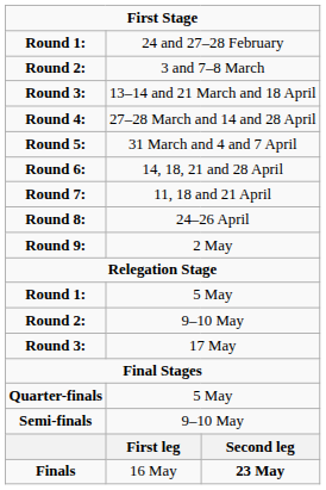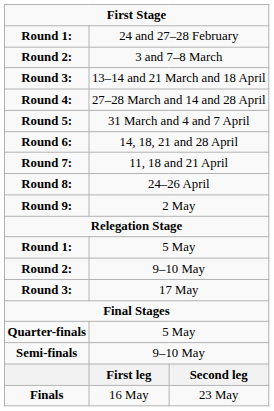 <table class=wikitable style="text-align:center; font-size:90%">
 <tr>
 <td colspan=3><strong>First Stage</strong></td>
 </tr>
 <tr>
 <td><strong>Round 1:</strong></td>
 <td colspan=2>24 and 27–28 February</td>
 </tr>
 <tr>
 <td><strong>Round 2:</strong></td>
 <td colspan=2>3 and 7–8 March</td>
 </tr>
 <tr>
 <td><strong>Round 3:</strong></td>
 <td colspan=2>13–14 and 21 March and 18 April</td>
 </tr>
 <tr>
 <td><strong>Round 4:</strong></td>
 <td colspan=2>27–28 March and 14 and 28 April</td>
 </tr>
 <tr>
 <td><strong>Round 5:</strong></td>
 <td colspan=2>31 March and 4 and 7 April</td>
 </tr>
 <tr>
 <td><strong>Round 6:</strong></td>
 <td colspan=2>14, 18, 21 and 28 April</td>
 </tr>
 <tr>
 <td><strong>Round 7:</strong></td>
 <td colspan=2>11, 18 and 21 April</td>
 </tr>
 <tr>
 <td><strong>Round 8:</strong></td>
 <td colspan=2>24–26 April</td>
 </tr>
 <tr>
 <td><strong>Round 9:</strong></td>
 <td colspan=2>2 May</td>
 </tr>
 <tr>
 <td colspan=3><strong>Relegation Stage</strong></td>
 </tr>
 <tr>
 <td><strong>Round 1:</strong></td>
 <td colspan=2>5 May</td>
 </tr>
 <tr>
 <td><strong>Round 2:</strong></td>
 <td colspan=2>9–10 May</td>
 </tr>
 <tr>
 <td><strong>Round 3:</strong></td>
 <td colspan=2>17 May</td>
 </tr>
 <tr>
 <td colspan=3><strong>Final Stages</strong></td>
 </tr>
 <tr>
 <td><strong>Quarter-finals</strong></td>
 <td colspan=2>5 May</td>
 </tr>
 <tr>
 <td><strong>Semi-finals</strong></td>
 <td colspan=2>9–10 May</td>
 </tr>
 <tr>
 <th></th>
 <th>First leg</th>
 <th>Second leg</th>
 </tr>
 <tr>
 <td><strong>Finals</strong></td>
 <td>16 May</td>
-<td><strong>23 May</strong></td>
+<td>23 May</td>
 </tr>
 </table>
